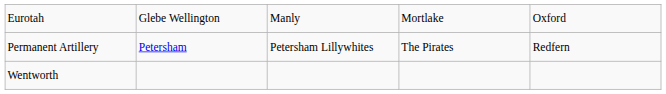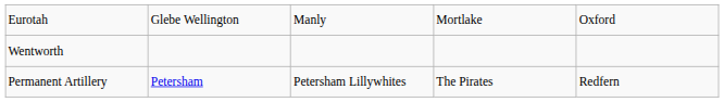 <table class="wikitable" style="margin:auto; text-valign:center; text-align:left;">
 <tr style="line-height:200%">
 <td width="175"> Eurotah</td>
 <td width="175"> Glebe Wellington</td>
 <td width="175"> Manly</td>
 <td width="175"> Mortlake</td>
 <td width="175"> Oxford</td>
 </tr>
 <tr style="line-height:200%">
+<td> Wentworth</td>
+<td></td>
+<td></td>
+<td></td>
+<td></td>
+</tr>
+<tr style="line-height:200%">
 <td> Permanent Artillery</td>
 <td> <a href='#'>Petersham</a></td>
 <td>Petersham Lillywhites</td>
 <td> The Pirates</td>
 <td> Redfern</td>
 </tr>
-<tr style="line-height:200%">
-<td> Wentworth</td>
-<td></td>
-<td></td>
-<td></td>
-<td></td>
-</tr>
 </table>
